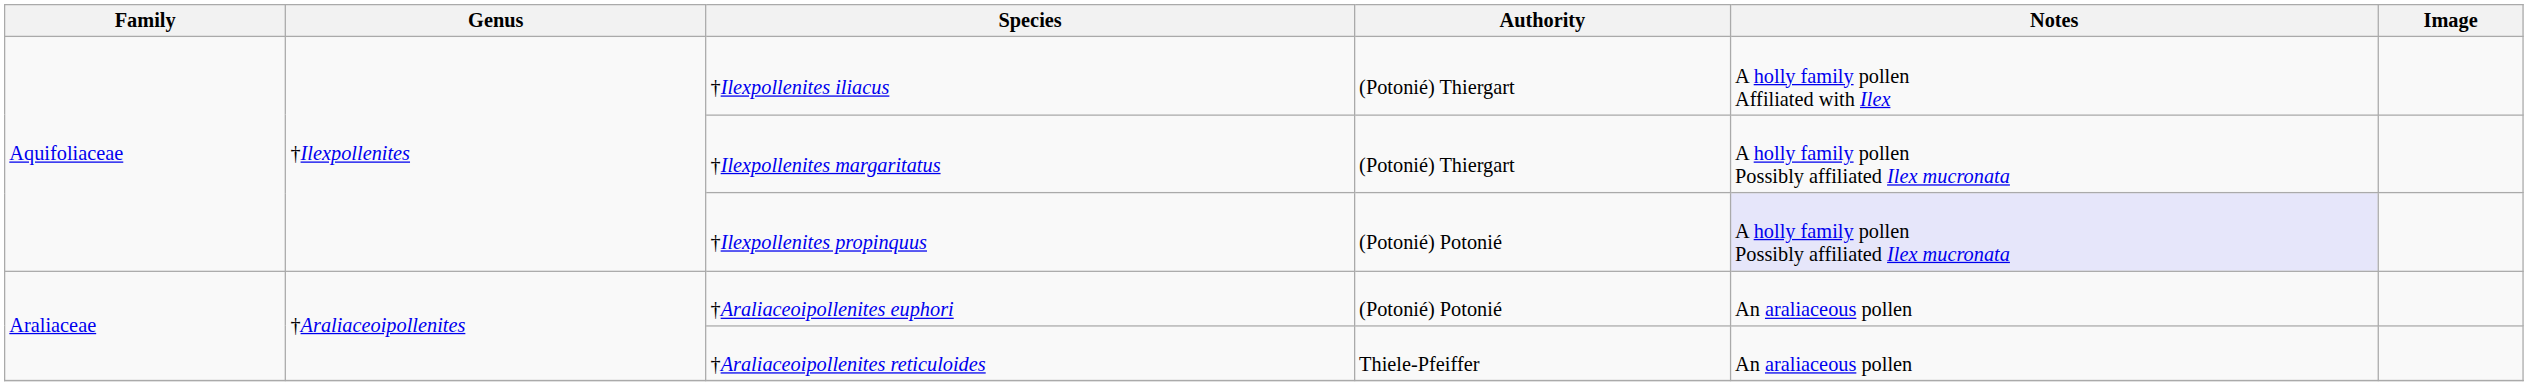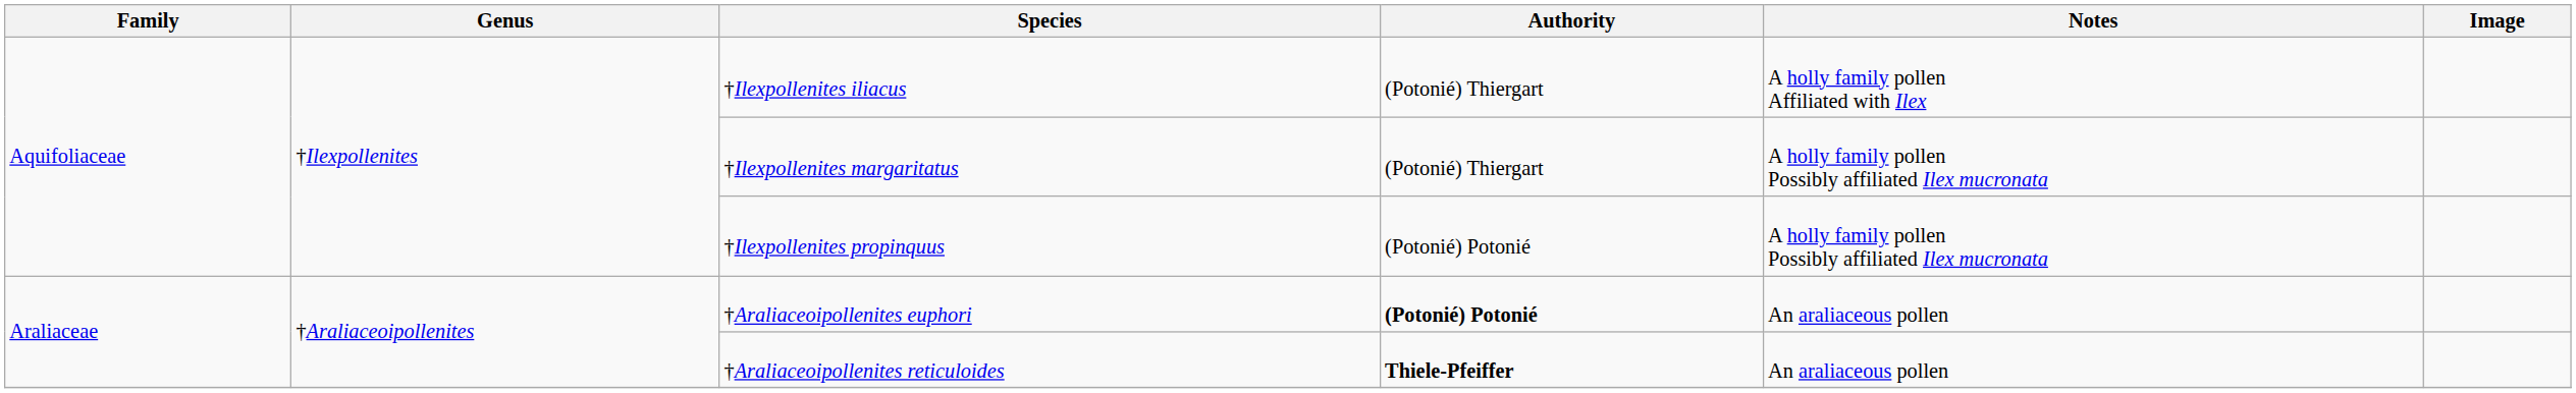 <table class="wikitable" align="center" width="100%">
 <tr>
 <th>Family</th>
 <th>Genus</th>
 <th>Species</th>
 <th>Authority</th>
 <th>Notes</th>
 <th>Image</th>
 </tr>
 <tr>
 <td rowspan=3><a href='#'>Aquifoliaceae</a></td>
 <td rowspan=3>†<em><a href='#'>Ilexpollenites</a></em></td>
 <td><br>†<em><a href='#'>Ilexpollenites iliacus</a></em></td>
 <td><br>(Potonié) Thiergart</td>
 <td><br>A <a href='#'>holly family</a> pollen<br> Affiliated with <em><a href='#'>Ilex</a></em></td>
 <td></td>
 </tr>
 <tr>
 <td><br>†<em><a href='#'>Ilexpollenites margaritatus</a></em></td>
 <td><br>(Potonié) Thiergart</td>
 <td><br>A <a href='#'>holly family</a> pollen<br> Possibly affiliated <em><a href='#'>Ilex mucronata</a></em></td>
 <td></td>
 </tr>
 <tr>
 <td><br>†<em><a href='#'>Ilexpollenites propinquus</a></em></td>
 <td><br>(Potonié) Potonié</td>
-<td style="background: lavender;"><br>A <a href='#'>holly family</a> pollen<br> Possibly affiliated <em><a href='#'>Ilex mucronata</a></em></td>
+<td><br>A <a href='#'>holly family</a> pollen<br> Possibly affiliated <em><a href='#'>Ilex mucronata</a></em></td>
 <td></td>
 </tr>
 <tr>
 <td rowspan=2><a href='#'>Araliaceae</a></td>
 <td rowspan=2>†<em><a href='#'>Araliaceoipollenites</a></em></td>
 <td><br>†<em><a href='#'>Araliaceoipollenites euphori</a></em></td>
-<td><br>(Potonié) Potonié</td>
+<td><strong><br>(Potonié) Potonié</strong></td>
 <td><br>An <a href='#'>araliaceous</a> pollen</td>
 <td></td>
 </tr>
 <tr>
 <td><br>†<em><a href='#'>Araliaceoipollenites reticuloides</a></em></td>
-<td><br>Thiele-Pfeiffer</td>
+<td><strong><br>Thiele-Pfeiffer</strong></td>
 <td><br>An <a href='#'>araliaceous</a> pollen</td>
 <td></td>
 </tr>
 <tr>
 </tr>
 </table>
